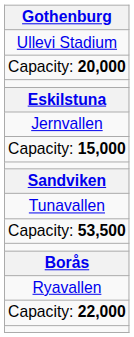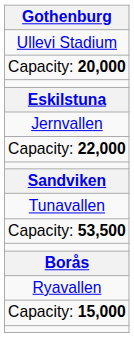 <table class="wikitable" style="text-align:center; float: left">
 <tr>
 <th><a href='#'>Gothenburg</a></th>
 </tr>
 <tr>
 <td><a href='#'>Ullevi Stadium</a></td>
 </tr>
 <tr>
 <td>Capacity: <strong>20,000</strong></td>
 </tr>
 <tr>
 <td></td>
 </tr>
 <tr>
 <th><a href='#'>Eskilstuna</a></th>
 </tr>
 <tr>
 <td><a href='#'>Jernvallen</a></td>
 </tr>
 <tr>
-<td>Capacity: <strong>15,000</strong></td>
+<td>Capacity: <strong>22,000</strong></td>
 </tr>
 <tr>
 <td></td>
 </tr>
 <tr>
 <th><a href='#'>Sandviken</a></th>
 </tr>
 <tr>
 <td><a href='#'>Tunavallen</a></td>
 </tr>
 <tr>
 <td>Capacity: <strong>53,500</strong></td>
 </tr>
 <tr>
 <td></td>
 </tr>
 <tr>
 <th><a href='#'>Borås</a></th>
 </tr>
 <tr>
 <td><a href='#'>Ryavallen</a></td>
 </tr>
 <tr>
-<td>Capacity: <strong>22,000</strong></td>
+<td>Capacity: <strong>15,000</strong></td>
 </tr>
 <tr>
 <td></td>
 </tr>
 </table>
